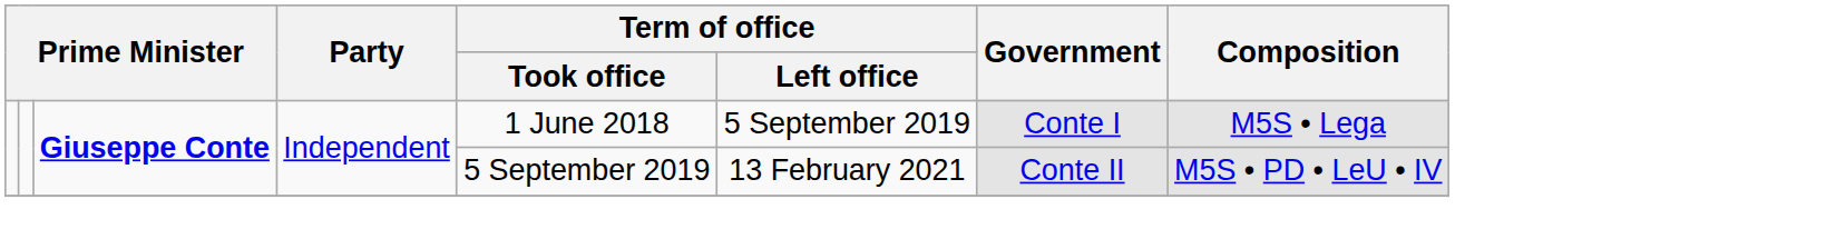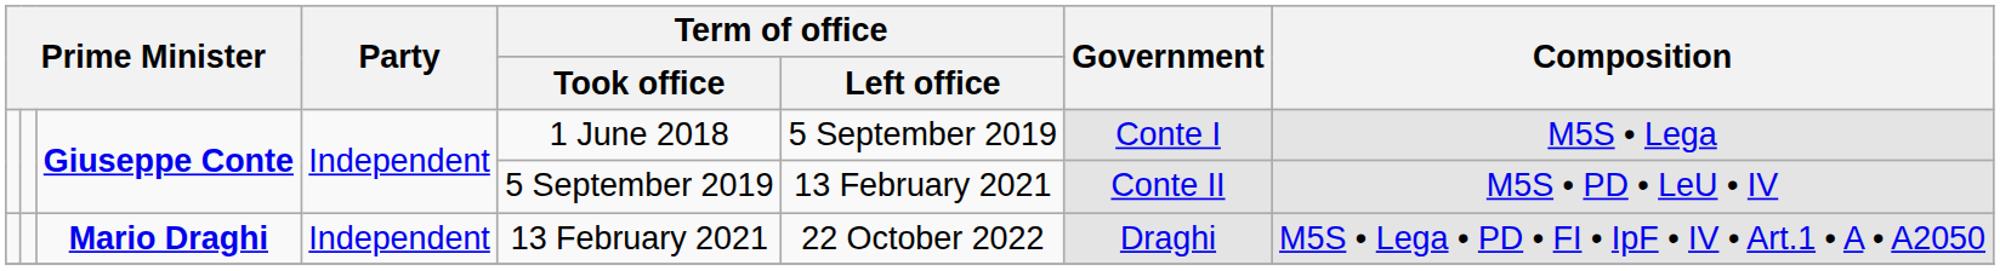 <table class="wikitable" style="text-align:center">
 <tr>
 <th colspan=3 rowspan=2>Prime Minister</th>
 <th rowspan=2>Party</th>
 <th colspan=2>Term of office</th>
 <th rowspan=2>Government</th>
 <th rowspan=2>Composition</th>
 </tr>
 <tr>
 <th>Took office</th>
 <th>Left office</th>
 </tr>
 <tr>
 <td rowspan=2 style="background:"></td>
 <td rowspan=2></td>
 <td rowspan=2><strong><a href='#'>Giuseppe Conte</a></strong><br></td>
 <td rowspan=2><a href='#'>Independent</a></td>
 <td class="nowrap">1 June 2018</td>
 <td class="nowrap">5 September 2019</td>
 <td bgcolor=#E4E4E4><a href='#'>Conte I</a></td>
 <td bgcolor=#E4E4E4><a href='#'>M5S</a> • <a href='#'>Lega</a></td>
 </tr>
 <tr>
 <td class="nowrap">5 September 2019</td>
 <td class="nowrap">13 February 2021</td>
 <td bgcolor=#E4E4E4><a href='#'>Conte II</a></td>
 <td bgcolor=#E4E4E4><a href='#'>M5S</a> • <a href='#'>PD</a> • <a href='#'>LeU</a> • <a href='#'>IV</a></td>
 </tr>
 <tr>
+<td style="background:"></td>
+<td></td>
+<td><strong><a href='#'>Mario Draghi</a></strong><br></td>
+<td><a href='#'>Independent</a></td>
+<td class="nowrap">13 February 2021</td>
+<td class="nowrap">22 October 2022</td>
+<td bgcolor=#E4E4E4><a href='#'>Draghi</a></td>
+<td bgcolor=#E4E4E4><a href='#'>M5S</a> • <a href='#'>Lega</a> • <a href='#'>PD</a> • <a href='#'>FI</a> • <a href='#'>IpF</a> • <a href='#'>IV</a> • <a href='#'>Art.1</a> • <a href='#'>A</a> • <a href='#'>A2050</a> <br></td>
+</tr>
+<tr>
 </tr>
 </table>
